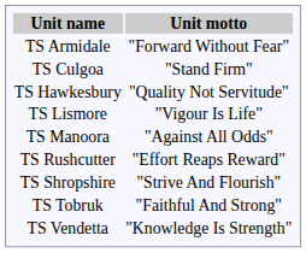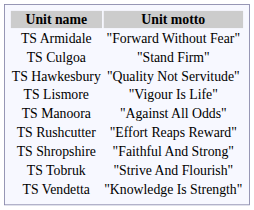 <table class="mw-collapsible mw-collapsed" style="border:1px solid #8888aa; background:#f7f8ff; text-align:center; padding:5px;">
 <tr style="background:#CCCCCC">
 <th>Unit name</th>
 <th>Unit motto</th>
 </tr>
 <tr>
 <td>TS Armidale</td>
 <td>"Forward Without Fear"</td>
 </tr>
 <tr>
 <td>TS Culgoa</td>
 <td>"Stand Firm"</td>
 </tr>
 <tr>
 <td>TS Hawkesbury</td>
 <td>"Quality Not Servitude"</td>
 </tr>
 <tr>
 <td>TS Lismore</td>
 <td>"Vigour Is Life"</td>
 </tr>
 <tr>
 <td>TS Manoora</td>
 <td>"Against All Odds"</td>
 </tr>
 <tr>
 <td>TS Rushcutter</td>
 <td>"Effort Reaps Reward"</td>
 </tr>
 <tr>
 <td>TS Shropshire</td>
-<td>"Strive And Flourish"</td>
+<td>"Faithful And Strong"</td>
 </tr>
 <tr>
 <td>TS Tobruk</td>
-<td>"Faithful And Strong"</td>
+<td>"Strive And Flourish"</td>
 </tr>
 <tr>
 <td>TS Vendetta</td>
 <td>"Knowledge Is Strength"</td>
 </tr>
 </table>
